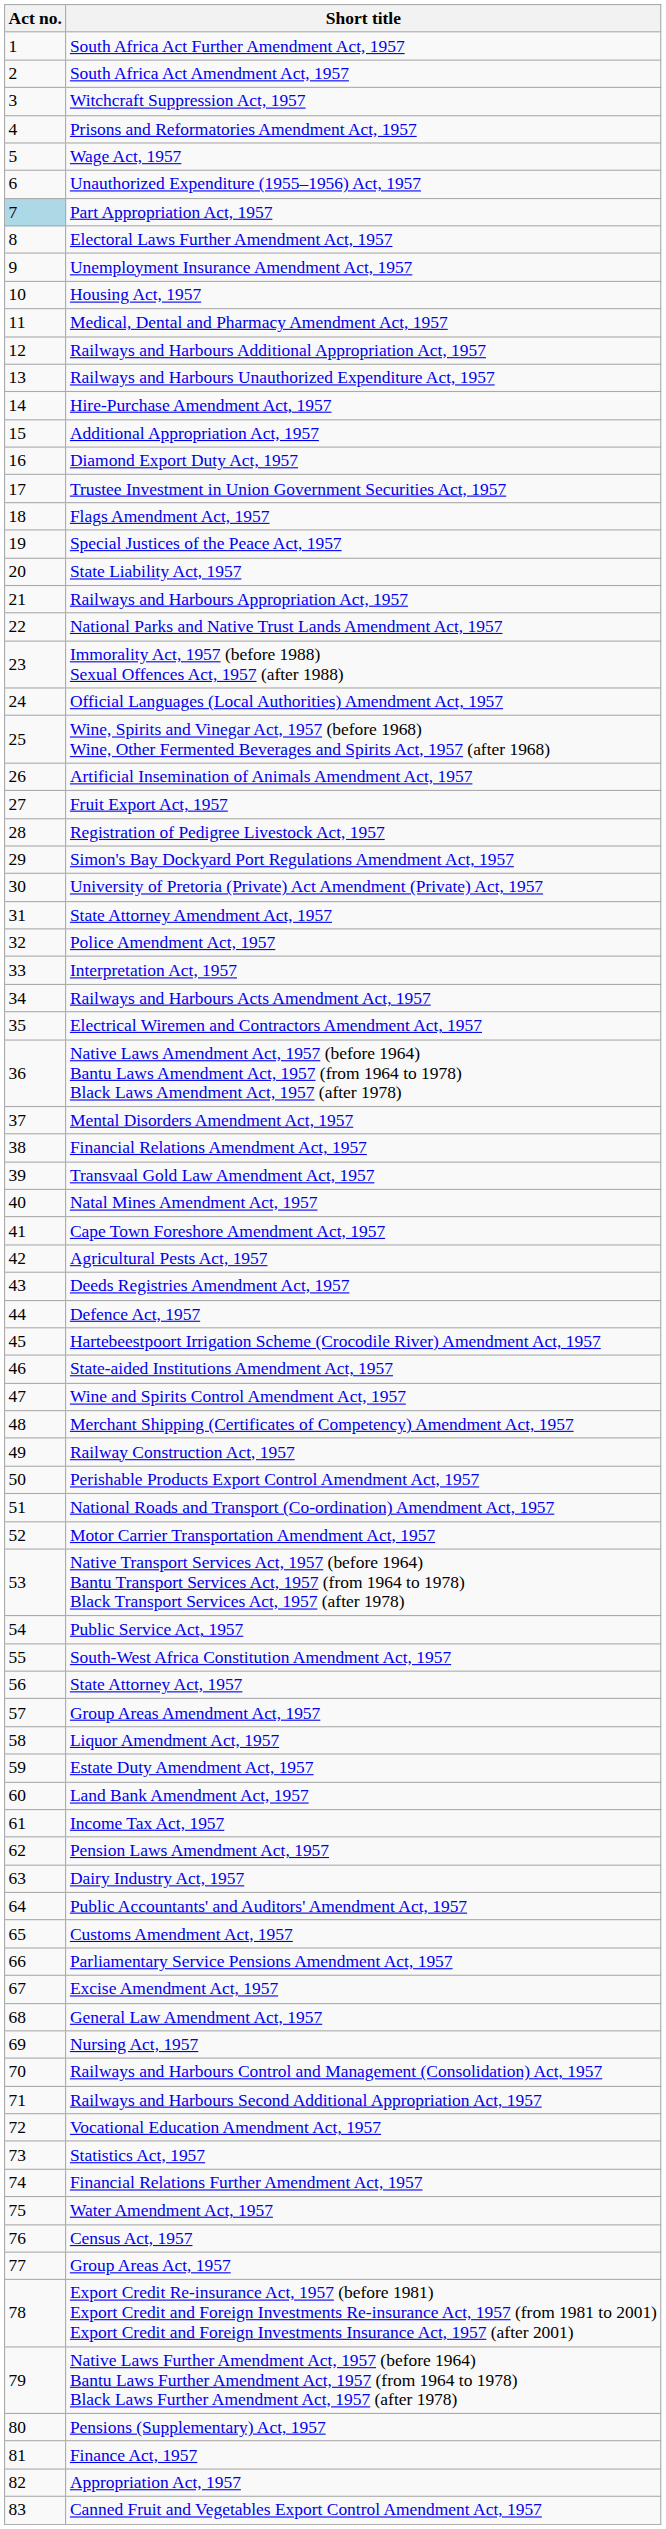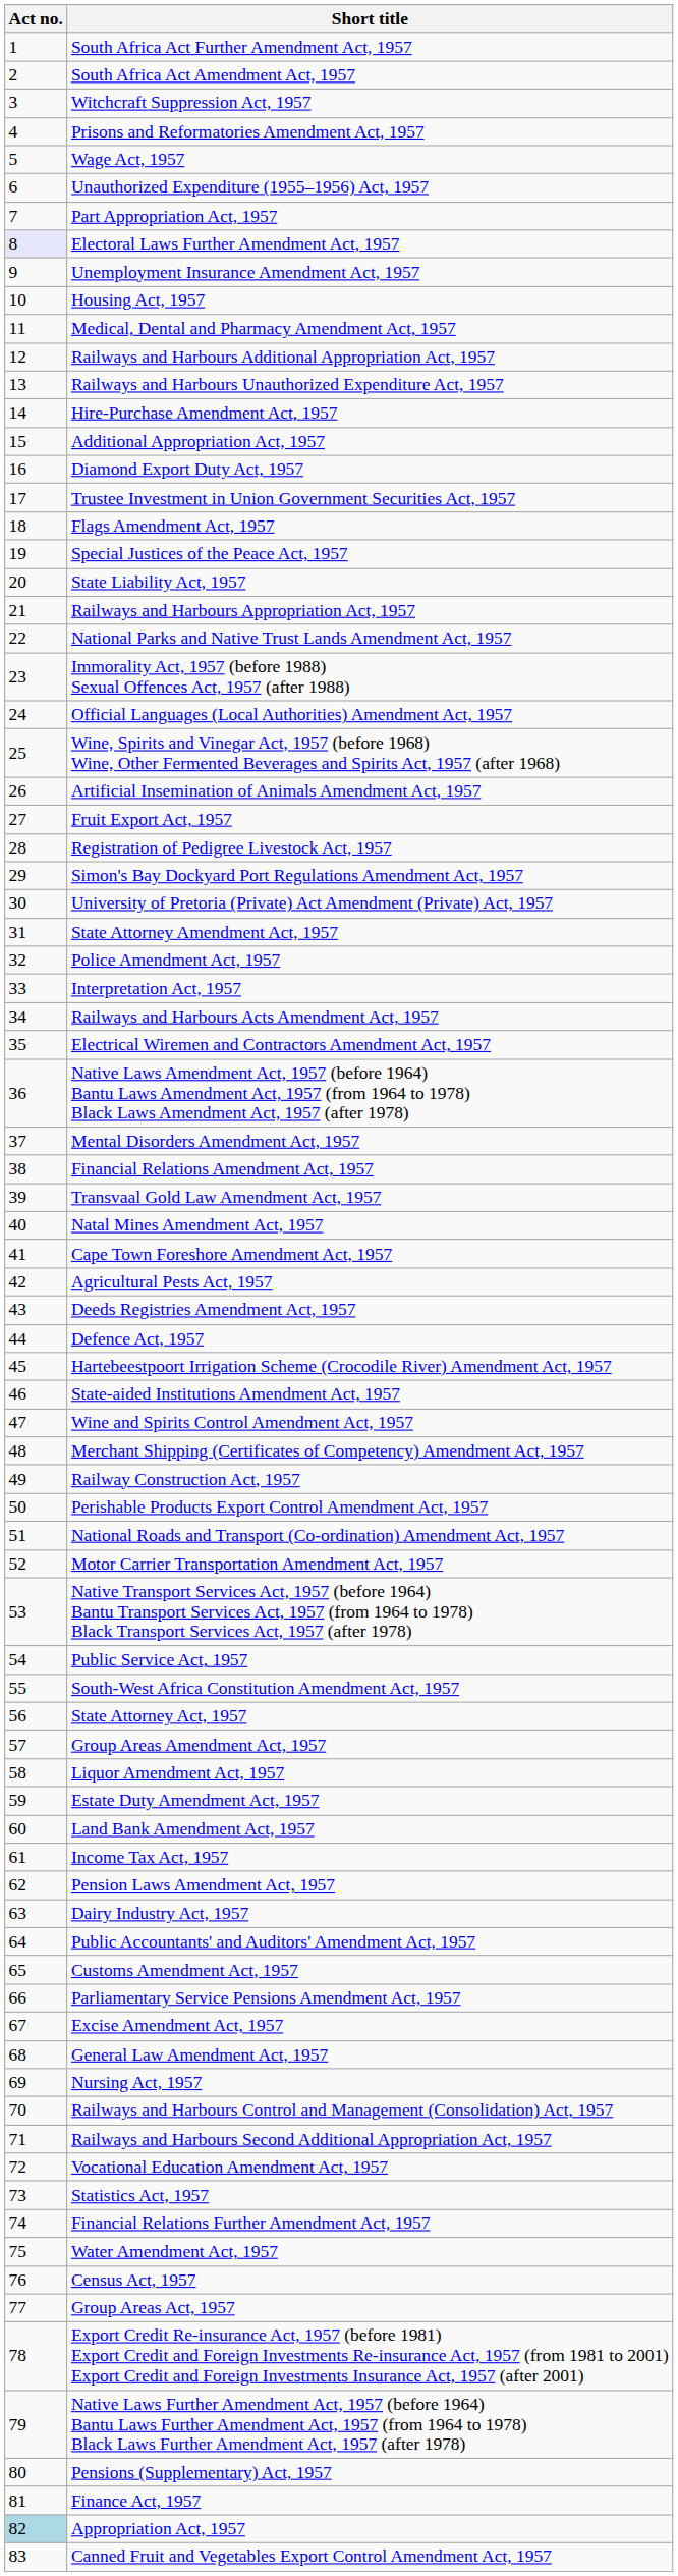 <table class="wikitable sortable">
 <tr>
 <th>Act no.</th>
 <th>Short title</th>
 </tr>
 <tr>
 <td>1</td>
 <td><a href='#'>South Africa Act Further Amendment Act, 1957</a></td>
 </tr>
 <tr>
 <td>2</td>
 <td><a href='#'>South Africa Act Amendment Act, 1957</a></td>
 </tr>
 <tr>
 <td>3</td>
 <td><a href='#'>Witchcraft Suppression Act, 1957</a></td>
 </tr>
 <tr>
 <td>4</td>
 <td><a href='#'>Prisons and Reformatories Amendment Act, 1957</a></td>
 </tr>
 <tr>
 <td>5</td>
 <td><a href='#'>Wage Act, 1957</a></td>
 </tr>
 <tr>
 <td>6</td>
 <td><a href='#'>Unauthorized Expenditure (1955–1956) Act, 1957</a></td>
 </tr>
 <tr>
-<td style="background: lightblue;">7</td>
+<td>7</td>
 <td><a href='#'>Part Appropriation Act, 1957</a></td>
 </tr>
 <tr>
-<td>8</td>
+<td style="background: lavender;">8</td>
 <td><a href='#'>Electoral Laws Further Amendment Act, 1957</a></td>
 </tr>
 <tr>
 <td>9</td>
 <td><a href='#'>Unemployment Insurance Amendment Act, 1957</a></td>
 </tr>
 <tr>
 <td>10</td>
 <td><a href='#'>Housing Act, 1957</a></td>
 </tr>
 <tr>
 <td>11</td>
 <td><a href='#'>Medical, Dental and Pharmacy Amendment Act, 1957</a></td>
 </tr>
 <tr>
 <td>12</td>
 <td><a href='#'>Railways and Harbours Additional Appropriation Act, 1957</a></td>
 </tr>
 <tr>
 <td>13</td>
 <td><a href='#'>Railways and Harbours Unauthorized Expenditure Act, 1957</a></td>
 </tr>
 <tr>
 <td>14</td>
 <td><a href='#'>Hire-Purchase Amendment Act, 1957</a></td>
 </tr>
 <tr>
 <td>15</td>
 <td><a href='#'>Additional Appropriation Act, 1957</a></td>
 </tr>
 <tr>
 <td>16</td>
 <td><a href='#'>Diamond Export Duty Act, 1957</a></td>
 </tr>
 <tr>
 <td>17</td>
 <td><a href='#'>Trustee Investment in Union Government Securities Act, 1957</a></td>
 </tr>
 <tr>
 <td>18</td>
 <td><a href='#'>Flags Amendment Act, 1957</a></td>
 </tr>
 <tr>
 <td>19</td>
 <td><a href='#'>Special Justices of the Peace Act, 1957</a></td>
 </tr>
 <tr>
 <td>20</td>
 <td><a href='#'>State Liability Act, 1957</a></td>
 </tr>
 <tr>
 <td>21</td>
 <td><a href='#'>Railways and Harbours Appropriation Act, 1957</a></td>
 </tr>
 <tr>
 <td>22</td>
 <td><a href='#'>National Parks and Native Trust Lands Amendment Act, 1957</a></td>
 </tr>
 <tr>
 <td>23</td>
 <td><a href='#'>Immorality Act, 1957</a> (before 1988) <br><a href='#'>Sexual Offences Act, 1957</a> (after 1988)</td>
 </tr>
 <tr>
 <td>24</td>
 <td><a href='#'>Official Languages (Local Authorities) Amendment Act, 1957</a></td>
 </tr>
 <tr>
 <td>25</td>
 <td><a href='#'>Wine, Spirits and Vinegar Act, 1957</a> (before 1968) <br><a href='#'>Wine, Other Fermented Beverages and Spirits Act, 1957</a> (after 1968)</td>
 </tr>
 <tr>
 <td>26</td>
 <td><a href='#'>Artificial Insemination of Animals Amendment Act, 1957</a></td>
 </tr>
 <tr>
 <td>27</td>
 <td><a href='#'>Fruit Export Act, 1957</a></td>
 </tr>
 <tr>
 <td>28</td>
 <td><a href='#'>Registration of Pedigree Livestock Act, 1957</a></td>
 </tr>
 <tr>
 <td>29</td>
 <td><a href='#'>Simon's Bay Dockyard Port Regulations Amendment Act, 1957</a></td>
 </tr>
 <tr>
 <td>30</td>
 <td><a href='#'>University of Pretoria (Private) Act Amendment (Private) Act, 1957</a></td>
 </tr>
 <tr>
 <td>31</td>
 <td><a href='#'>State Attorney Amendment Act, 1957</a></td>
 </tr>
 <tr>
 <td>32</td>
 <td><a href='#'>Police Amendment Act, 1957</a></td>
 </tr>
 <tr>
 <td>33</td>
 <td><a href='#'>Interpretation Act, 1957</a></td>
 </tr>
 <tr>
 <td>34</td>
 <td><a href='#'>Railways and Harbours Acts Amendment Act, 1957</a></td>
 </tr>
 <tr>
 <td>35</td>
 <td><a href='#'>Electrical Wiremen and Contractors Amendment Act, 1957</a></td>
 </tr>
 <tr>
 <td>36</td>
 <td><a href='#'>Native Laws Amendment Act, 1957</a> (before 1964) <br><a href='#'>Bantu Laws Amendment Act, 1957</a> (from 1964 to 1978) <br><a href='#'>Black Laws Amendment Act, 1957</a> (after 1978)</td>
 </tr>
 <tr>
 <td>37</td>
 <td><a href='#'>Mental Disorders Amendment Act, 1957</a></td>
 </tr>
 <tr>
 <td>38</td>
 <td><a href='#'>Financial Relations Amendment Act, 1957</a></td>
 </tr>
 <tr>
 <td>39</td>
 <td><a href='#'>Transvaal Gold Law Amendment Act, 1957</a></td>
 </tr>
 <tr>
 <td>40</td>
 <td><a href='#'>Natal Mines Amendment Act, 1957</a></td>
 </tr>
 <tr>
 <td>41</td>
 <td><a href='#'>Cape Town Foreshore Amendment Act, 1957</a></td>
 </tr>
 <tr>
 <td>42</td>
 <td><a href='#'>Agricultural Pests Act, 1957</a></td>
 </tr>
 <tr>
 <td>43</td>
 <td><a href='#'>Deeds Registries Amendment Act, 1957</a></td>
 </tr>
 <tr>
 <td>44</td>
 <td><a href='#'>Defence Act, 1957</a></td>
 </tr>
 <tr>
 <td>45</td>
 <td><a href='#'>Hartebeestpoort Irrigation Scheme (Crocodile River) Amendment Act, 1957</a></td>
 </tr>
 <tr>
 <td>46</td>
 <td><a href='#'>State-aided Institutions Amendment Act, 1957</a></td>
 </tr>
 <tr>
 <td>47</td>
 <td><a href='#'>Wine and Spirits Control Amendment Act, 1957</a></td>
 </tr>
 <tr>
 <td>48</td>
 <td><a href='#'>Merchant Shipping (Certificates of Competency) Amendment Act, 1957</a></td>
 </tr>
 <tr>
 <td>49</td>
 <td><a href='#'>Railway Construction Act, 1957</a></td>
 </tr>
 <tr>
 <td>50</td>
 <td><a href='#'>Perishable Products Export Control Amendment Act, 1957</a></td>
 </tr>
 <tr>
 <td>51</td>
 <td><a href='#'>National Roads and Transport (Co-ordination) Amendment Act, 1957</a></td>
 </tr>
 <tr>
 <td>52</td>
 <td><a href='#'>Motor Carrier Transportation Amendment Act, 1957</a></td>
 </tr>
 <tr>
 <td>53</td>
 <td><a href='#'>Native Transport Services Act, 1957</a> (before 1964) <br><a href='#'>Bantu Transport Services Act, 1957</a> (from 1964 to 1978) <br><a href='#'>Black Transport Services Act, 1957</a> (after 1978)</td>
 </tr>
 <tr>
 <td>54</td>
 <td><a href='#'>Public Service Act, 1957</a></td>
 </tr>
 <tr>
 <td>55</td>
 <td><a href='#'>South-West Africa Constitution Amendment Act, 1957</a></td>
 </tr>
 <tr>
 <td>56</td>
 <td><a href='#'>State Attorney Act, 1957</a></td>
 </tr>
 <tr>
 <td>57</td>
 <td><a href='#'>Group Areas Amendment Act, 1957</a></td>
 </tr>
 <tr>
 <td>58</td>
 <td><a href='#'>Liquor Amendment Act, 1957</a></td>
 </tr>
 <tr>
 <td>59</td>
 <td><a href='#'>Estate Duty Amendment Act, 1957</a></td>
 </tr>
 <tr>
 <td>60</td>
 <td><a href='#'>Land Bank Amendment Act, 1957</a></td>
 </tr>
 <tr>
 <td>61</td>
 <td><a href='#'>Income Tax Act, 1957</a></td>
 </tr>
 <tr>
 <td>62</td>
 <td><a href='#'>Pension Laws Amendment Act, 1957</a></td>
 </tr>
 <tr>
 <td>63</td>
 <td><a href='#'>Dairy Industry Act, 1957</a></td>
 </tr>
 <tr>
 <td>64</td>
 <td><a href='#'>Public Accountants' and Auditors' Amendment Act, 1957</a></td>
 </tr>
 <tr>
 <td>65</td>
 <td><a href='#'>Customs Amendment Act, 1957</a></td>
 </tr>
 <tr>
 <td>66</td>
 <td><a href='#'>Parliamentary Service Pensions Amendment Act, 1957</a></td>
 </tr>
 <tr>
 <td>67</td>
 <td><a href='#'>Excise Amendment Act, 1957</a></td>
 </tr>
 <tr>
 <td>68</td>
 <td><a href='#'>General Law Amendment Act, 1957</a></td>
 </tr>
 <tr>
 <td>69</td>
 <td><a href='#'>Nursing Act, 1957</a></td>
 </tr>
 <tr>
 <td>70</td>
 <td><a href='#'>Railways and Harbours Control and Management (Consolidation) Act, 1957</a></td>
 </tr>
 <tr>
 <td>71</td>
 <td><a href='#'>Railways and Harbours Second Additional Appropriation Act, 1957</a></td>
 </tr>
 <tr>
 <td>72</td>
 <td><a href='#'>Vocational Education Amendment Act, 1957</a></td>
 </tr>
 <tr>
 <td>73</td>
 <td><a href='#'>Statistics Act, 1957</a></td>
 </tr>
 <tr>
 <td>74</td>
 <td><a href='#'>Financial Relations Further Amendment Act, 1957</a></td>
 </tr>
 <tr>
 <td>75</td>
 <td><a href='#'>Water Amendment Act, 1957</a></td>
 </tr>
 <tr>
 <td>76</td>
 <td><a href='#'>Census Act, 1957</a></td>
 </tr>
 <tr>
 <td>77</td>
 <td><a href='#'>Group Areas Act, 1957</a></td>
 </tr>
 <tr>
 <td>78</td>
 <td><a href='#'>Export Credit Re-insurance Act, 1957</a> (before 1981) <br><a href='#'>Export Credit and Foreign Investments Re-insurance Act, 1957</a> (from 1981 to 2001) <br><a href='#'>Export Credit and Foreign Investments Insurance Act, 1957</a> (after 2001)</td>
 </tr>
 <tr>
 <td>79</td>
 <td><a href='#'>Native Laws Further Amendment Act, 1957</a> (before 1964) <br><a href='#'>Bantu Laws Further Amendment Act, 1957</a> (from 1964 to 1978) <br><a href='#'>Black Laws Further Amendment Act, 1957</a> (after 1978)</td>
 </tr>
 <tr>
 <td>80</td>
 <td><a href='#'>Pensions (Supplementary) Act, 1957</a></td>
 </tr>
 <tr>
 <td>81</td>
 <td><a href='#'>Finance Act, 1957</a></td>
 </tr>
 <tr>
-<td>82</td>
+<td style="background: lightblue;">82</td>
 <td><a href='#'>Appropriation Act, 1957</a></td>
 </tr>
 <tr>
 <td>83</td>
 <td><a href='#'>Canned Fruit and Vegetables Export Control Amendment Act, 1957</a></td>
 </tr>
 </table>
